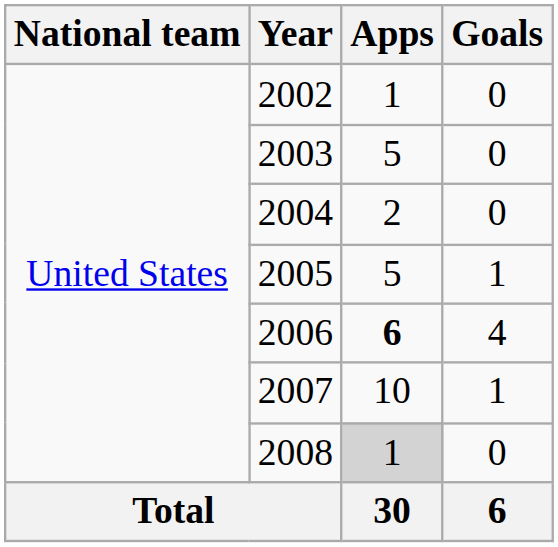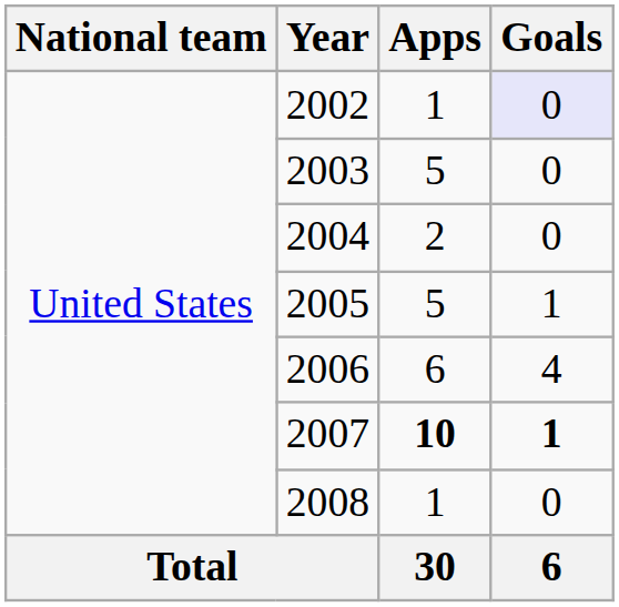 <table class="wikitable" style="text-align:center">
 <tr>
 <th>National team</th>
 <th>Year</th>
 <th>Apps</th>
 <th>Goals</th>
 </tr>
 <tr>
 <td rowspan="7"><a href='#'>United States</a></td>
 <td>2002</td>
 <td>1</td>
-<td>0</td>
+<td style="background: lavender;">0</td>
 </tr>
 <tr>
 <td>2003</td>
 <td>5</td>
 <td>0</td>
 </tr>
 <tr>
 <td>2004</td>
 <td>2</td>
 <td>0</td>
 </tr>
 <tr>
 <td>2005</td>
 <td>5</td>
 <td>1</td>
 </tr>
 <tr>
 <td>2006</td>
-<td><strong>6</strong></td>
+<td>6</td>
 <td>4</td>
 </tr>
 <tr>
 <td>2007</td>
-<td>10</td>
-<td>1</td>
+<td><strong>10</strong></td>
+<td><strong>1</strong></td>
 </tr>
 <tr>
 <td>2008</td>
-<td style="background: lightgrey;">1</td>
+<td>1</td>
 <td>0</td>
 </tr>
 <tr>
 <th colspan="2">Total</th>
 <th>30</th>
 <th>6</th>
 </tr>
 </table>
